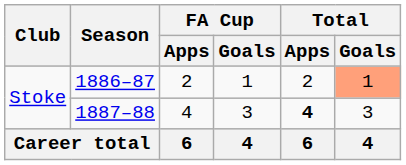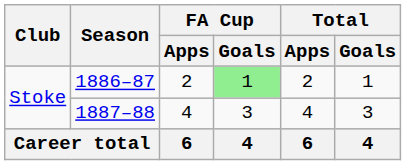 <table class="wikitable" style="text-align: center;">
 <tr>
 <th rowspan="2">Club</th>
 <th rowspan="2">Season</th>
 <th colspan="2">FA Cup</th>
 <th colspan="2">Total</th>
 </tr>
 <tr>
 <th>Apps</th>
 <th>Goals</th>
 <th>Apps</th>
 <th>Goals</th>
 </tr>
 <tr>
 <td rowspan="2"><a href='#'>Stoke</a></td>
 <td><a href='#'>1886–87</a></td>
 <td>2</td>
+<td style="background: lightgreen;">1</td>
+<td>2</td>
 <td>1</td>
-<td>2</td>
-<td style="background: lightsalmon;">1</td>
 </tr>
 <tr>
 <td><a href='#'>1887–88</a></td>
 <td>4</td>
 <td>3</td>
-<td><strong>4</strong></td>
+<td>4</td>
 <td>3</td>
 </tr>
 <tr>
 <th colspan="2">Career total</th>
 <th>6</th>
 <th>4</th>
 <th>6</th>
 <th>4</th>
 </tr>
 </table>
